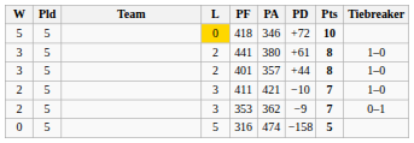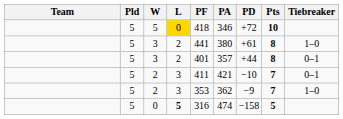 <table class=wikitable style="text-align:center">
 <tr>
+<th width=180>Team</th>
+<th width=30>Pld</th>
 <th width=30>W</th>
-<th width=30>Pld</th>
-<th width=180>Team</th>
 <th width=30>L</th>
 <th width=30>PF</th>
 <th width=30>PA</th>
 <th width=30>PD</th>
 <th width=30>Pts</th>
 <th width=80>Tiebreaker</th>
 </tr>
 <tr>
+<td align="left"></td>
 <td>5</td>
 <td>5</td>
-<td align="left"></td>
 <td style="background: gold;">0</td>
 <td>418</td>
 <td>346</td>
 <td>+72</td>
 <td><strong>10</strong></td>
 <td></td>
 </tr>
 <tr>
+<td align="left"></td>
+<td>5</td>
 <td>3</td>
-<td>5</td>
-<td align="left"></td>
 <td>2</td>
 <td>441</td>
 <td>380</td>
 <td>+61</td>
 <td><strong>8</strong></td>
 <td>1–0</td>
 </tr>
 <tr>
+<td align="left"></td>
+<td>5</td>
 <td>3</td>
-<td>5</td>
-<td align="left"></td>
 <td>2</td>
 <td>401</td>
 <td>357</td>
 <td>+44</td>
 <td><strong>8</strong></td>
-<td>1–0</td>
+<td>0–1</td>
 </tr>
 <tr>
+<td align="left"></td>
+<td>5</td>
 <td>2</td>
-<td>5</td>
-<td align="left"></td>
 <td>3</td>
 <td>411</td>
 <td>421</td>
 <td>−10</td>
 <td><strong>7</strong></td>
-<td>1–0</td>
+<td>0–1</td>
 </tr>
 <tr>
+<td align="left"></td>
+<td>5</td>
 <td>2</td>
-<td>5</td>
-<td align="left"></td>
 <td>3</td>
 <td>353</td>
 <td>362</td>
 <td>−9</td>
 <td><strong>7</strong></td>
-<td>0–1</td>
+<td>1–0</td>
 </tr>
 <tr>
-<td>0</td>
-<td>5</td>
 <td align="left"></td>
 <td>5</td>
+<td>0</td>
+<td><strong>5</strong></td>
 <td>316</td>
 <td>474</td>
 <td>−158</td>
 <td><strong>5</strong></td>
 <td></td>
 </tr>
 </table>
